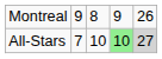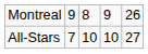 <table class="wikitable">
 <tr>
 <td>Montreal</td>
 <td>9</td>
 <td>8</td>
 <td>9</td>
 <td>26</td>
 </tr>
 <tr>
 <td>All-Stars</td>
 <td>7</td>
 <td>10</td>
-<td style="background: lightgreen;">10</td>
-<td style="background: lightgrey;">27</td>
+<td>10</td>
+<td>27</td>
 </tr>
 </table>
